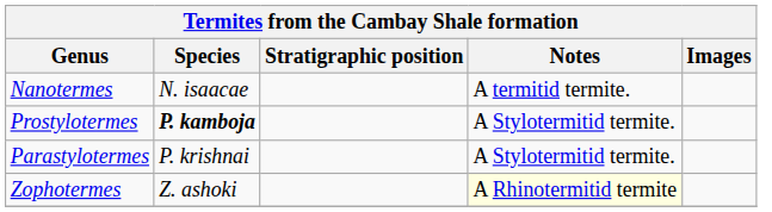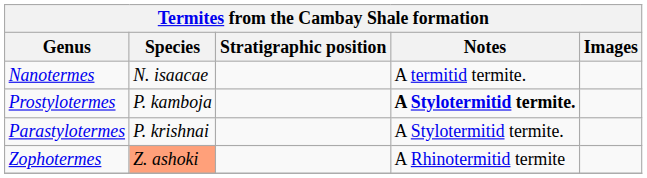 <table class="wikitable" align="center">
 <tr>
 <th colspan="7" align="center"><strong><a href='#'>Termites</a> from the Cambay Shale formation</strong></th>
 </tr>
 <tr>
 <th>Genus</th>
 <th>Species</th>
 <th>Stratigraphic position</th>
 <th>Notes</th>
 <th>Images</th>
 </tr>
 <tr>
 <td><em><a href='#'>Nanotermes</a></em></td>
 <td><em>N. isaacae</em></td>
 <td></td>
 <td>A <a href='#'>termitid</a> termite.</td>
 <td></td>
 </tr>
 <tr>
 <td><em><a href='#'>Prostylotermes</a></em></td>
-<td><strong><em>P. kamboja</em></strong></td>
+<td><em>P. kamboja</em></td>
 <td></td>
-<td>A <a href='#'>Stylotermitid</a> termite.</td>
+<td><strong>A <a href='#'>Stylotermitid</a> termite.</strong></td>
 <td></td>
 </tr>
 <tr>
 <td><em><a href='#'>Parastylotermes</a></em></td>
 <td><em>P. krishnai</em></td>
 <td></td>
 <td>A <a href='#'>Stylotermitid</a> termite.</td>
 <td></td>
 </tr>
 <tr>
 <td><em><a href='#'>Zophotermes</a></em></td>
-<td><em>Z. ashoki</em></td>
+<td style="background: lightsalmon;"><em>Z. ashoki</em></td>
 <td></td>
-<td style="background: lightyellow;">A <a href='#'>Rhinotermitid</a> termite</td>
+<td>A <a href='#'>Rhinotermitid</a> termite</td>
 <td></td>
 </tr>
 <tr>
 </tr>
 </table>
